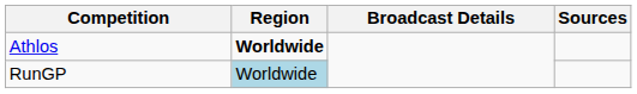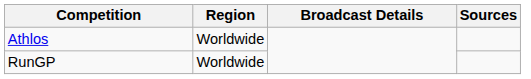 <table class="wikitable">
 <tr>
 <th width="200">Competition</th>
 <th>Region</th>
 <th width="200">Broadcast Details</th>
 <th>Sources</th>
 </tr>
 <tr>
 <td><a href='#'>Athlos</a></td>
-<td><strong>Worldwide</strong></td>
+<td>Worldwide</td>
 <td rowspan="2"></td>
 <td></td>
 </tr>
 <tr>
 <td>RunGP</td>
-<td style="background: lightblue;">Worldwide</td>
+<td>Worldwide</td>
 <td></td>
 </tr>
 </table>
